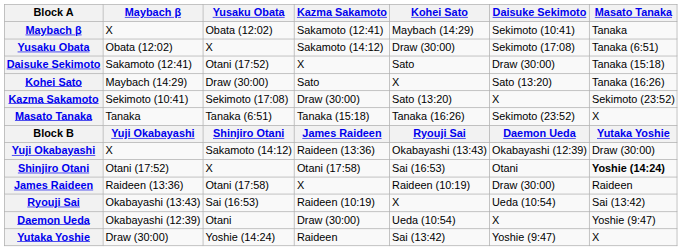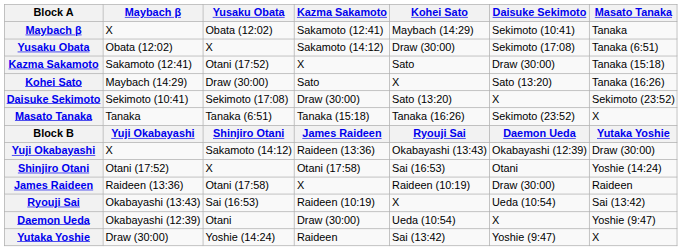 <table class="wikitable" style="margin: 1em auto 1em auto">
 <tr>
 <th>Block A</th>
 <th><a href='#'>Maybach β</a></th>
 <th><a href='#'>Yusaku Obata</a></th>
 <th><a href='#'>Kazma Sakamoto</a></th>
 <th><a href='#'>Kohei Sato</a></th>
 <th><a href='#'>Daisuke Sekimoto</a></th>
 <th><a href='#'>Masato Tanaka</a></th>
 </tr>
 <tr>
 <th><a href='#'>Maybach β</a></th>
 <td>X</td>
 <td>Obata (12:02)</td>
 <td>Sakamoto (12:41)</td>
 <td>Maybach (14:29)</td>
 <td>Sekimoto (10:41)</td>
 <td>Tanaka</td>
 </tr>
 <tr>
 <th><a href='#'>Yusaku Obata</a></th>
 <td>Obata (12:02)</td>
 <td>X</td>
 <td>Sakamoto (14:12)</td>
 <td>Draw (30:00)</td>
 <td>Sekimoto (17:08)</td>
 <td>Tanaka (6:51)</td>
 </tr>
 <tr>
-<th><a href='#'>Daisuke Sekimoto</a></th>
+<th><a href='#'>Kazma Sakamoto</a></th>
 <td>Sakamoto (12:41)</td>
 <td>Otani (17:52)</td>
 <td>X</td>
 <td>Sato</td>
 <td>Draw (30:00)</td>
 <td>Tanaka (15:18)</td>
 </tr>
 <tr>
 <th><a href='#'>Kohei Sato</a></th>
 <td>Maybach (14:29)</td>
 <td>Draw (30:00)</td>
 <td>Sato</td>
 <td>X</td>
 <td>Sato (13:20)</td>
 <td>Tanaka (16:26)</td>
 </tr>
 <tr>
-<th><a href='#'>Kazma Sakamoto</a></th>
+<th><a href='#'>Daisuke Sekimoto</a></th>
 <td>Sekimoto (10:41)</td>
 <td>Sekimoto (17:08)</td>
 <td>Draw (30:00)</td>
 <td>Sato (13:20)</td>
 <td>X</td>
 <td>Sekimoto (23:52)</td>
 </tr>
 <tr>
 <th><a href='#'>Masato Tanaka</a></th>
 <td>Tanaka</td>
 <td>Tanaka (6:51)</td>
 <td>Tanaka (15:18)</td>
 <td>Tanaka (16:26)</td>
 <td>Sekimoto (23:52)</td>
 <td>X</td>
 </tr>
 <tr>
 <th>Block B</th>
 <th><a href='#'>Yuji Okabayashi</a></th>
 <th><a href='#'>Shinjiro Otani</a></th>
 <th><a href='#'>James Raideen</a></th>
 <th><a href='#'>Ryouji Sai</a></th>
 <th><a href='#'>Daemon Ueda</a></th>
 <th><a href='#'>Yutaka Yoshie</a></th>
 </tr>
 <tr>
 <th><a href='#'>Yuji Okabayashi</a></th>
 <td>X</td>
 <td>Sakamoto (14:12)</td>
 <td>Raideen (13:36)</td>
 <td>Okabayashi (13:43)</td>
 <td>Okabayashi (12:39)</td>
 <td>Draw (30:00)</td>
 </tr>
 <tr>
 <th><a href='#'>Shinjiro Otani</a></th>
 <td>Otani (17:52)</td>
 <td>X</td>
 <td>Otani (17:58)</td>
 <td>Sai (16:53)</td>
 <td>Otani</td>
-<td><strong>Yoshie (14:24)</strong></td>
+<td>Yoshie (14:24)</td>
 </tr>
 <tr>
 <th><a href='#'>James Raideen</a></th>
 <td>Raideen (13:36)</td>
 <td>Otani (17:58)</td>
 <td>X</td>
 <td>Raideen (10:19)</td>
 <td>Draw (30:00)</td>
 <td>Raideen</td>
 </tr>
 <tr>
 <th><a href='#'>Ryouji Sai</a></th>
 <td>Okabayashi (13:43)</td>
 <td>Sai (16:53)</td>
 <td>Raideen (10:19)</td>
 <td>X</td>
 <td>Ueda (10:54)</td>
 <td>Sai (13:42)</td>
 </tr>
 <tr>
 <th><a href='#'>Daemon Ueda</a></th>
 <td>Okabayashi (12:39)</td>
 <td>Otani</td>
 <td>Draw (30:00)</td>
 <td>Ueda (10:54)</td>
 <td>X</td>
 <td>Yoshie (9:47)</td>
 </tr>
 <tr>
 <th><a href='#'>Yutaka Yoshie</a></th>
 <td>Draw (30:00)</td>
 <td>Yoshie (14:24)</td>
 <td>Raideen</td>
 <td>Sai (13:42)</td>
 <td>Yoshie (9:47)</td>
 <td>X</td>
 </tr>
 </table>
